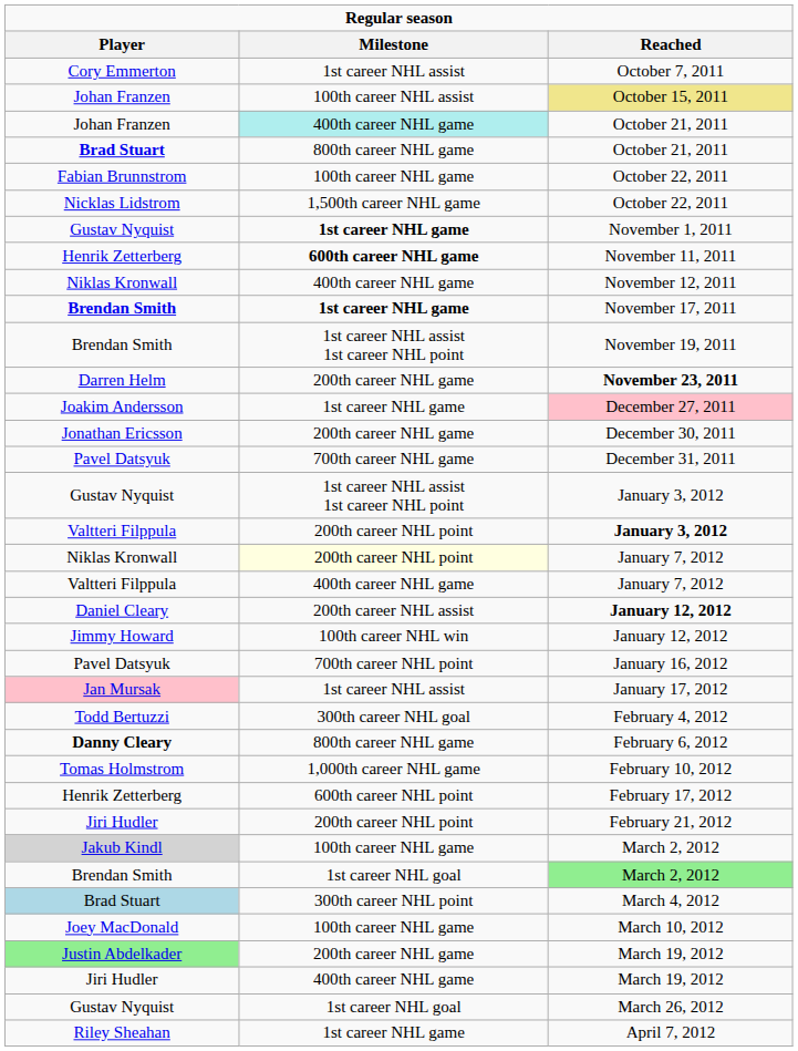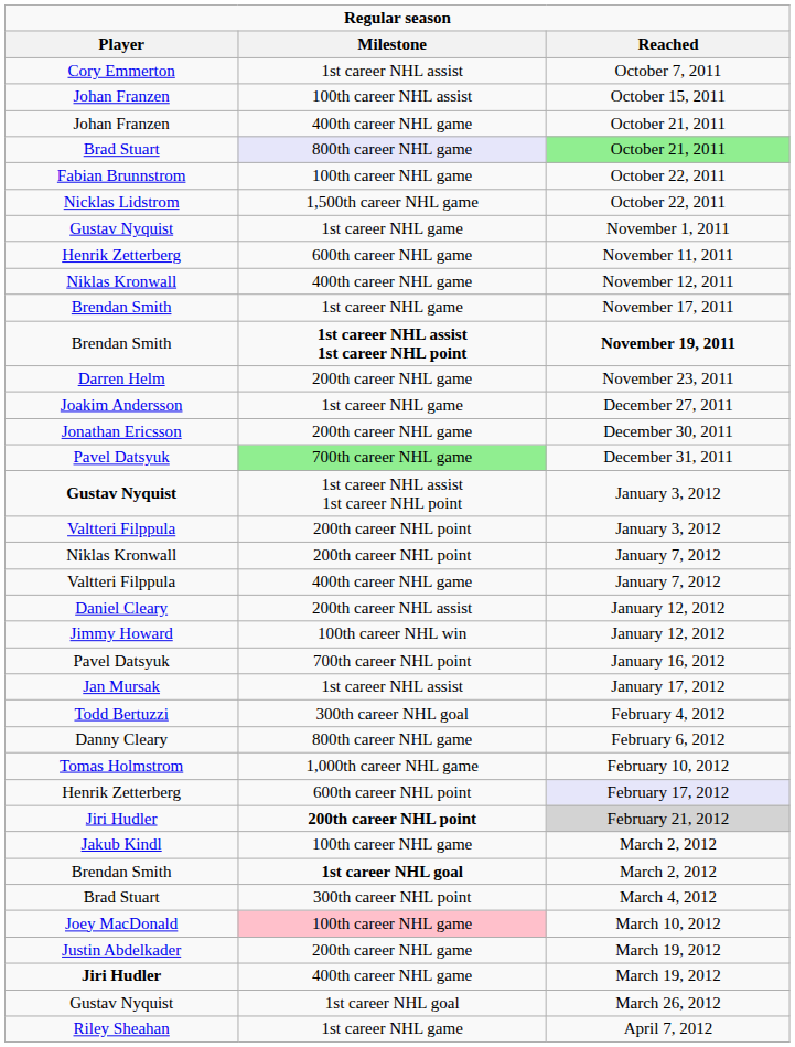 <table class="wikitable" style="width:60%; text-align:center;">
 <tr>
 <td colspan="10" style="text-align:center;"><strong>Regular season</strong></td>
 </tr>
 <tr>
 <th>Player</th>
 <th>Milestone</th>
 <th>Reached</th>
 </tr>
 <tr>
 <td><a href='#'>Cory Emmerton</a></td>
 <td>1st career NHL assist</td>
 <td>October 7, 2011</td>
 </tr>
 <tr>
 <td><a href='#'>Johan Franzen</a></td>
 <td>100th career NHL assist</td>
-<td style="background: khaki;">October 15, 2011</td>
+<td>October 15, 2011</td>
 </tr>
 <tr>
 <td>Johan Franzen</td>
-<td style="background: paleturquoise;">400th career NHL game</td>
+<td>400th career NHL game</td>
 <td>October 21, 2011</td>
 </tr>
 <tr>
-<td><strong><a href='#'>Brad Stuart</a></strong></td>
-<td>800th career NHL game</td>
-<td>October 21, 2011</td>
+<td><a href='#'>Brad Stuart</a></td>
+<td style="background: lavender;">800th career NHL game</td>
+<td style="background: lightgreen;">October 21, 2011</td>
 </tr>
 <tr>
 <td><a href='#'>Fabian Brunnstrom</a></td>
 <td>100th career NHL game</td>
 <td>October 22, 2011</td>
 </tr>
 <tr>
 <td><a href='#'>Nicklas Lidstrom</a></td>
 <td>1,500th career NHL game</td>
 <td>October 22, 2011</td>
 </tr>
 <tr>
 <td><a href='#'>Gustav Nyquist</a></td>
-<td><strong>1st career NHL game</strong></td>
+<td>1st career NHL game</td>
 <td>November 1, 2011</td>
 </tr>
 <tr>
 <td><a href='#'>Henrik Zetterberg</a></td>
-<td><strong>600th career NHL game</strong></td>
+<td>600th career NHL game</td>
 <td>November 11, 2011</td>
 </tr>
 <tr>
 <td><a href='#'>Niklas Kronwall</a></td>
 <td>400th career NHL game</td>
 <td>November 12, 2011</td>
 </tr>
 <tr>
-<td><strong><a href='#'>Brendan Smith</a></strong></td>
-<td><strong>1st career NHL game</strong></td>
+<td><a href='#'>Brendan Smith</a></td>
+<td>1st career NHL game</td>
 <td>November 17, 2011</td>
 </tr>
 <tr>
 <td>Brendan Smith</td>
-<td>1st career NHL assist<br>1st career NHL point</td>
-<td>November 19, 2011</td>
+<td><strong>1st career NHL assist<br>1st career NHL point</strong></td>
+<td><strong>November 19, 2011</strong></td>
 </tr>
 <tr>
 <td><a href='#'>Darren Helm</a></td>
 <td>200th career NHL game</td>
-<td><strong>November 23, 2011</strong></td>
+<td>November 23, 2011</td>
 </tr>
 <tr>
 <td><a href='#'>Joakim Andersson</a></td>
 <td>1st career NHL game</td>
-<td style="background: pink;">December 27, 2011</td>
+<td>December 27, 2011</td>
 </tr>
 <tr>
 <td><a href='#'>Jonathan Ericsson</a></td>
 <td>200th career NHL game</td>
 <td>December 30, 2011</td>
 </tr>
 <tr>
 <td><a href='#'>Pavel Datsyuk</a></td>
-<td>700th career NHL game</td>
+<td style="background: lightgreen;">700th career NHL game</td>
 <td>December 31, 2011</td>
 </tr>
 <tr>
-<td>Gustav Nyquist</td>
+<td><strong>Gustav Nyquist</strong></td>
 <td>1st career NHL assist<br>1st career NHL point</td>
 <td>January 3, 2012</td>
 </tr>
 <tr>
 <td><a href='#'>Valtteri Filppula</a></td>
 <td>200th career NHL point</td>
-<td><strong>January 3, 2012</strong></td>
+<td>January 3, 2012</td>
 </tr>
 <tr>
 <td>Niklas Kronwall</td>
-<td style="background: lightyellow;">200th career NHL point</td>
+<td>200th career NHL point</td>
 <td>January 7, 2012</td>
 </tr>
 <tr>
 <td>Valtteri Filppula</td>
 <td>400th career NHL game</td>
 <td>January 7, 2012</td>
 </tr>
 <tr>
 <td><a href='#'>Daniel Cleary</a></td>
 <td>200th career NHL assist</td>
-<td><strong>January 12, 2012</strong></td>
+<td>January 12, 2012</td>
 </tr>
 <tr>
 <td><a href='#'>Jimmy Howard</a></td>
 <td>100th career NHL win</td>
 <td>January 12, 2012</td>
 </tr>
 <tr>
 <td>Pavel Datsyuk</td>
 <td>700th career NHL point</td>
 <td>January 16, 2012</td>
 </tr>
 <tr>
-<td style="background: pink;"><a href='#'>Jan Mursak</a></td>
+<td><a href='#'>Jan Mursak</a></td>
 <td>1st career NHL assist</td>
 <td>January 17, 2012</td>
 </tr>
 <tr>
 <td><a href='#'>Todd Bertuzzi</a></td>
 <td>300th career NHL goal</td>
 <td>February 4, 2012</td>
 </tr>
 <tr>
-<td><strong>Danny Cleary</strong></td>
+<td>Danny Cleary</td>
 <td>800th career NHL game</td>
 <td>February 6, 2012</td>
 </tr>
 <tr>
 <td><a href='#'>Tomas Holmstrom</a></td>
 <td>1,000th career NHL game</td>
 <td>February 10, 2012</td>
 </tr>
 <tr>
 <td>Henrik Zetterberg</td>
 <td>600th career NHL point</td>
-<td>February 17, 2012</td>
+<td style="background: lavender;">February 17, 2012</td>
 </tr>
 <tr>
 <td><a href='#'>Jiri Hudler</a></td>
-<td>200th career NHL point</td>
-<td>February 21, 2012</td>
+<td><strong>200th career NHL point</strong></td>
+<td style="background: lightgrey;">February 21, 2012</td>
 </tr>
 <tr>
-<td style="background: lightgrey;"><a href='#'>Jakub Kindl</a></td>
+<td><a href='#'>Jakub Kindl</a></td>
 <td>100th career NHL game</td>
 <td>March 2, 2012</td>
 </tr>
 <tr>
 <td>Brendan Smith</td>
-<td>1st career NHL goal</td>
-<td style="background: lightgreen;">March 2, 2012</td>
+<td><strong>1st career NHL goal</strong></td>
+<td>March 2, 2012</td>
 </tr>
 <tr>
-<td style="background: lightblue;">Brad Stuart</td>
+<td>Brad Stuart</td>
 <td>300th career NHL point</td>
 <td>March 4, 2012</td>
 </tr>
 <tr>
 <td><a href='#'>Joey MacDonald</a></td>
-<td>100th career NHL game</td>
+<td style="background: pink;">100th career NHL game</td>
 <td>March 10, 2012</td>
 </tr>
 <tr>
-<td style="background: lightgreen;"><a href='#'>Justin Abdelkader</a></td>
+<td><a href='#'>Justin Abdelkader</a></td>
 <td>200th career NHL game</td>
 <td>March 19, 2012</td>
 </tr>
 <tr>
-<td>Jiri Hudler</td>
+<td><strong>Jiri Hudler</strong></td>
 <td>400th career NHL game</td>
 <td>March 19, 2012</td>
 </tr>
 <tr>
 <td>Gustav Nyquist</td>
 <td>1st career NHL goal</td>
 <td>March 26, 2012</td>
 </tr>
 <tr>
 <td><a href='#'>Riley Sheahan</a></td>
 <td>1st career NHL game</td>
 <td>April 7, 2012</td>
 </tr>
 </table>
